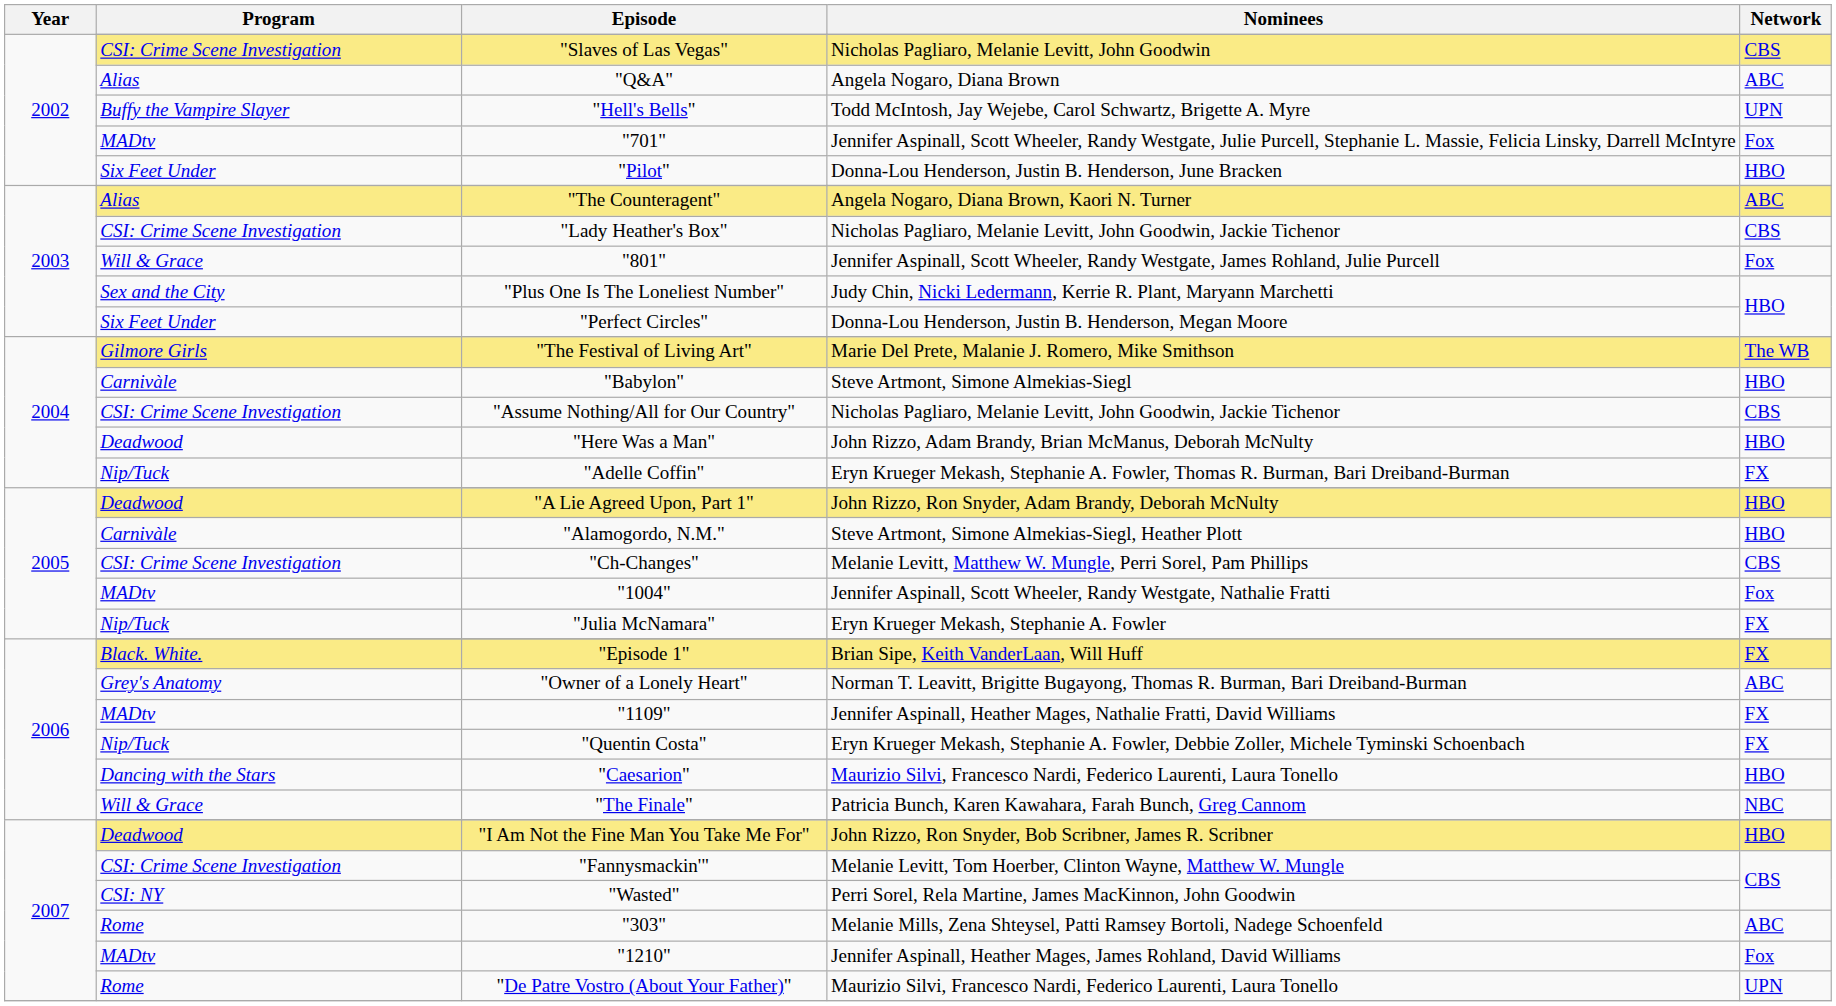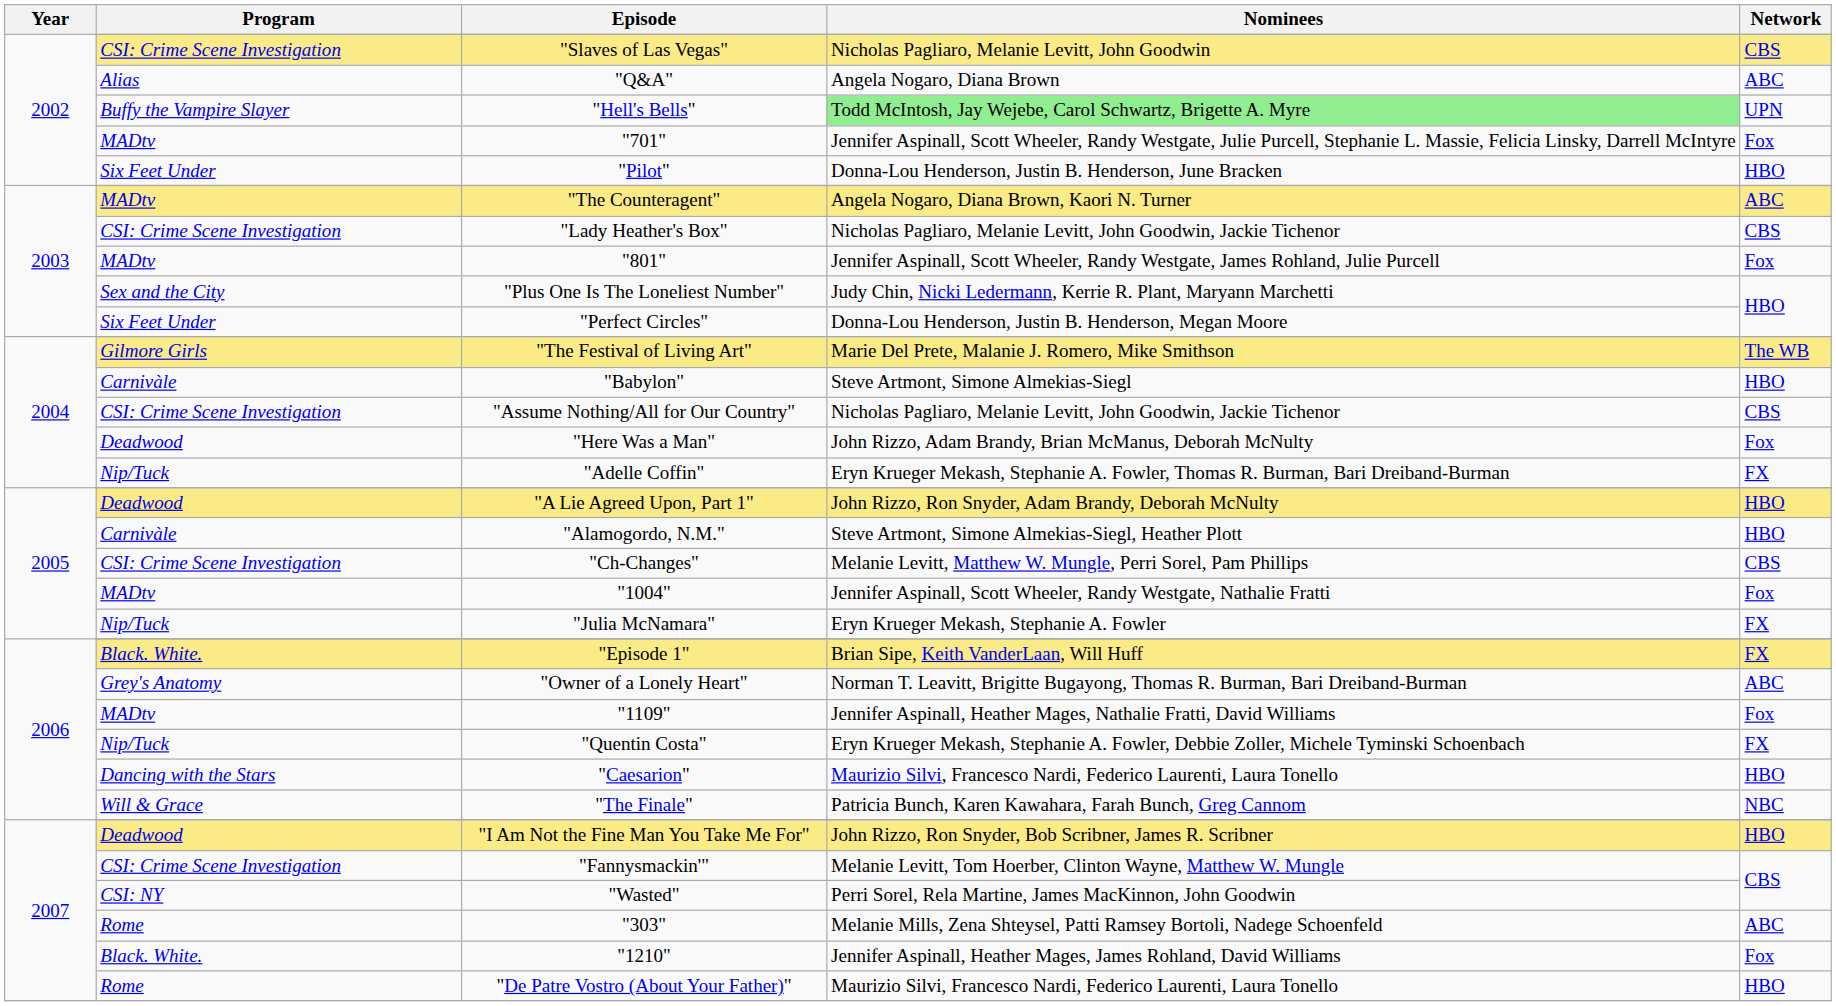 <table class="wikitable">
 <tr>
 <th width="5%">Year</th>
 <th width="20%">Program</th>
 <th width="20%">Episode</th>
 <th width="50%">Nominees</th>
 <th width="5%">Network</th>
 </tr>
 <tr>
 <td rowspan="6" style="text-align:center;"><a href='#'>2002</a><br></td>
 </tr>
 <tr style="background:#FAEB86;">
 <td><em><a href='#'>CSI: Crime Scene Investigation</a></em></td>
 <td align=center>"Slaves of Las Vegas"</td>
 <td>Nicholas Pagliaro, Melanie Levitt, John Goodwin</td>
 <td><a href='#'>CBS</a></td>
 </tr>
 <tr>
 <td><em><a href='#'>Alias</a></em></td>
 <td align=center>"Q&A"</td>
 <td>Angela Nogaro, Diana Brown</td>
 <td><a href='#'>ABC</a></td>
 </tr>
 <tr>
 <td><em><a href='#'>Buffy the Vampire Slayer</a></em></td>
 <td align=center>"<a href='#'>Hell's Bells</a>"</td>
-<td>Todd McIntosh, Jay Wejebe, Carol Schwartz, Brigette A. Myre</td>
+<td style="background: lightgreen;">Todd McIntosh, Jay Wejebe, Carol Schwartz, Brigette A. Myre</td>
 <td><a href='#'>UPN</a></td>
 </tr>
 <tr>
 <td><em><a href='#'>MADtv</a></em></td>
 <td align=center>"701"</td>
 <td>Jennifer Aspinall, Scott Wheeler, Randy Westgate, Julie Purcell, Stephanie L. Massie, Felicia Linsky, Darrell McIntyre</td>
 <td><a href='#'>Fox</a></td>
 </tr>
 <tr>
 <td><em><a href='#'>Six Feet Under</a></em></td>
 <td align=center>"<a href='#'>Pilot</a>"</td>
 <td>Donna-Lou Henderson, Justin B. Henderson, June Bracken</td>
 <td><a href='#'>HBO</a></td>
 </tr>
 <tr>
 <td rowspan="6" style="text-align:center;"><a href='#'>2003</a><br></td>
 </tr>
 <tr style="background:#FAEB86;">
-<td><em><a href='#'>Alias</a></em></td>
+<td><em><a href='#'>MADtv</a></em></td>
 <td align=center>"The Counteragent"</td>
 <td>Angela Nogaro, Diana Brown, Kaori N. Turner</td>
 <td><a href='#'>ABC</a></td>
 </tr>
 <tr>
 <td><em><a href='#'>CSI: Crime Scene Investigation</a></em></td>
 <td align=center>"Lady Heather's Box"</td>
 <td>Nicholas Pagliaro, Melanie Levitt, John Goodwin, Jackie Tichenor</td>
 <td><a href='#'>CBS</a></td>
 </tr>
 <tr>
-<td><em><a href='#'>Will & Grace</a></em></td>
+<td><em><a href='#'>MADtv</a></em></td>
 <td align=center>"801"</td>
 <td>Jennifer Aspinall, Scott Wheeler, Randy Westgate, James Rohland, Julie Purcell</td>
 <td><a href='#'>Fox</a></td>
 </tr>
 <tr>
 <td><em><a href='#'>Sex and the City</a></em></td>
 <td align=center>"Plus One Is The Loneliest Number"</td>
 <td>Judy Chin, <a href='#'>Nicki Ledermann</a>, Kerrie R. Plant, Maryann Marchetti</td>
 <td rowspan=2><a href='#'>HBO</a></td>
 </tr>
 <tr>
 <td><em><a href='#'>Six Feet Under</a></em></td>
 <td align=center>"Perfect Circles"</td>
 <td>Donna-Lou Henderson, Justin B. Henderson, Megan Moore</td>
 </tr>
 <tr>
 <td rowspan="6" style="text-align:center;"><a href='#'>2004</a><br></td>
 </tr>
 <tr style="background:#FAEB86;">
 <td><em><a href='#'>Gilmore Girls</a></em></td>
 <td align=center>"The Festival of Living Art"</td>
 <td>Marie Del Prete, Malanie J. Romero, Mike Smithson</td>
 <td><a href='#'>The WB</a></td>
 </tr>
 <tr>
 <td><em><a href='#'>Carnivàle</a></em></td>
 <td align=center>"Babylon"</td>
 <td>Steve Artmont, Simone Almekias-Siegl</td>
 <td><a href='#'>HBO</a></td>
 </tr>
 <tr>
 <td><em><a href='#'>CSI: Crime Scene Investigation</a></em></td>
 <td align=center>"Assume Nothing/All for Our Country"</td>
 <td>Nicholas Pagliaro, Melanie Levitt, John Goodwin, Jackie Tichenor</td>
 <td><a href='#'>CBS</a></td>
 </tr>
 <tr>
 <td><em><a href='#'>Deadwood</a></em></td>
 <td align=center>"Here Was a Man"</td>
 <td>John Rizzo, Adam Brandy, Brian McManus, Deborah McNulty</td>
-<td><a href='#'>HBO</a></td>
+<td><a href='#'>Fox</a></td>
 </tr>
 <tr>
 <td><em><a href='#'>Nip/Tuck</a></em></td>
 <td align=center>"Adelle Coffin"</td>
 <td>Eryn Krueger Mekash, Stephanie A. Fowler, Thomas R. Burman, Bari Dreiband-Burman</td>
 <td><a href='#'>FX</a></td>
 </tr>
 <tr>
 <td rowspan="6" style="text-align:center;"><a href='#'>2005</a><br></td>
 </tr>
 <tr style="background:#FAEB86;">
 <td><em><a href='#'>Deadwood</a></em></td>
 <td align=center>"A Lie Agreed Upon, Part 1"</td>
 <td>John Rizzo, Ron Snyder, Adam Brandy, Deborah McNulty</td>
 <td><a href='#'>HBO</a></td>
 </tr>
 <tr>
 <td><em><a href='#'>Carnivàle</a></em></td>
 <td align=center>"Alamogordo, N.M."</td>
 <td>Steve Artmont, Simone Almekias-Siegl, Heather Plott</td>
 <td><a href='#'>HBO</a></td>
 </tr>
 <tr>
 <td><em><a href='#'>CSI: Crime Scene Investigation</a></em></td>
 <td align=center>"Ch-Changes"</td>
 <td>Melanie Levitt, <a href='#'>Matthew W. Mungle</a>, Perri Sorel, Pam Phillips</td>
 <td><a href='#'>CBS</a></td>
 </tr>
 <tr>
 <td><em><a href='#'>MADtv</a></em></td>
 <td align=center>"1004"</td>
 <td>Jennifer Aspinall, Scott Wheeler, Randy Westgate, Nathalie Fratti</td>
 <td><a href='#'>Fox</a></td>
 </tr>
 <tr>
 <td><em><a href='#'>Nip/Tuck</a></em></td>
 <td align=center>"Julia McNamara"</td>
 <td>Eryn Krueger Mekash, Stephanie A. Fowler</td>
 <td><a href='#'>FX</a></td>
 </tr>
 <tr>
 <td rowspan="7" style="text-align:center;"><a href='#'>2006</a><br></td>
 </tr>
 <tr style="background:#FAEB86;">
 <td><em><a href='#'>Black. White.</a></em></td>
 <td align=center>"Episode 1"</td>
 <td>Brian Sipe, <a href='#'>Keith VanderLaan</a>, Will Huff</td>
 <td><a href='#'>FX</a></td>
 </tr>
 <tr>
 <td><em><a href='#'>Grey's Anatomy</a></em></td>
 <td align=center>"Owner of a Lonely Heart"</td>
 <td>Norman T. Leavitt, Brigitte Bugayong, Thomas R. Burman, Bari Dreiband-Burman</td>
 <td><a href='#'>ABC</a></td>
 </tr>
 <tr>
 <td><em><a href='#'>MADtv</a></em></td>
 <td align=center>"1109"</td>
 <td>Jennifer Aspinall, Heather Mages, Nathalie Fratti, David Williams</td>
-<td><a href='#'>FX</a></td>
+<td><a href='#'>Fox</a></td>
 </tr>
 <tr>
 <td><em><a href='#'>Nip/Tuck</a></em></td>
 <td align=center>"Quentin Costa"</td>
 <td>Eryn Krueger Mekash, Stephanie A. Fowler, Debbie Zoller, Michele Tyminski Schoenbach</td>
 <td><a href='#'>FX</a></td>
 </tr>
 <tr>
 <td><em><a href='#'>Dancing with the Stars</a></em></td>
 <td align=center>"<a href='#'>Caesarion</a>"</td>
 <td><a href='#'>Maurizio Silvi</a>, Francesco Nardi, Federico Laurenti, Laura Tonello</td>
 <td><a href='#'>HBO</a></td>
 </tr>
 <tr>
 <td><em><a href='#'>Will & Grace</a></em></td>
 <td align=center>"<a href='#'>The Finale</a>"</td>
 <td>Patricia Bunch, Karen Kawahara, Farah Bunch, <a href='#'>Greg Cannom</a></td>
 <td><a href='#'>NBC</a></td>
 </tr>
 <tr>
 <td rowspan="7" style="text-align:center;"><a href='#'>2007</a><br></td>
 </tr>
 <tr style="background:#FAEB86;">
 <td><em><a href='#'>Deadwood</a></em></td>
 <td align=center>"I Am Not the Fine Man You Take Me For"</td>
 <td>John Rizzo, Ron Snyder, Bob Scribner, James R. Scribner</td>
 <td><a href='#'>HBO</a></td>
 </tr>
 <tr>
 <td><em><a href='#'>CSI: Crime Scene Investigation</a></em></td>
 <td align=center>"Fannysmackin'"</td>
 <td>Melanie Levitt, Tom Hoerber, Clinton Wayne, <a href='#'>Matthew W. Mungle</a></td>
 <td rowspan=2><a href='#'>CBS</a></td>
 </tr>
 <tr>
 <td><em><a href='#'>CSI: NY</a></em></td>
 <td align=center>"Wasted"</td>
 <td>Perri Sorel, Rela Martine, James MacKinnon, John Goodwin</td>
 </tr>
 <tr>
 <td><em><a href='#'>Rome</a></em></td>
 <td align=center>"303"</td>
 <td>Melanie Mills, Zena Shteysel, Patti Ramsey Bortoli, Nadege Schoenfeld</td>
 <td><a href='#'>ABC</a></td>
 </tr>
 <tr>
-<td><em><a href='#'>MADtv</a></em></td>
+<td><em><a href='#'>Black. White.</a></em></td>
 <td align=center>"1210"</td>
 <td>Jennifer Aspinall, Heather Mages, James Rohland, David Williams</td>
 <td><a href='#'>Fox</a></td>
 </tr>
 <tr>
 <td><em><a href='#'>Rome</a></em></td>
 <td align=center>"<a href='#'>De Patre Vostro (About Your Father)</a>"</td>
 <td>Maurizio Silvi, Francesco Nardi, Federico Laurenti, Laura Tonello</td>
-<td><a href='#'>UPN</a></td>
+<td><a href='#'>HBO</a></td>
 </tr>
 <tr>
 </tr>
 </table>
